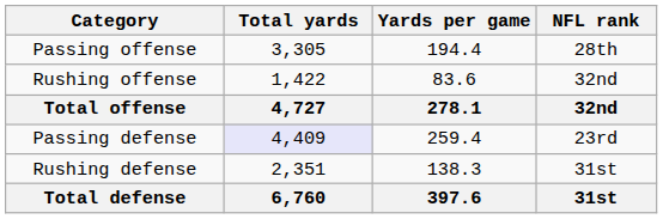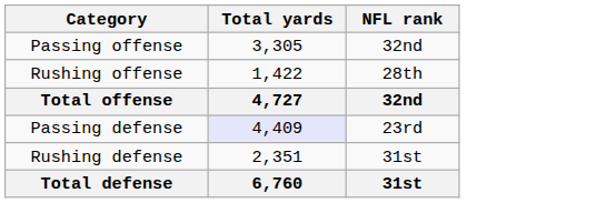 <table class="wikitable" style="text-align:center">
 <tr>
 <th width="150">Category</th>
 <th width="100">Total yards</th>
-<th width="110">Yards per game</th>
 <th width="80">NFL rank<br></th>
 </tr>
 <tr>
 <td>Passing offense</td>
 <td>3,305</td>
-<td>194.4</td>
-<td>28th</td>
+<td>32nd</td>
 </tr>
 <tr>
 <td>Rushing offense</td>
 <td>1,422</td>
-<td>83.6</td>
-<td>32nd</td>
+<td>28th</td>
 </tr>
 <tr>
 <th>Total offense</th>
 <th>4,727</th>
-<th>278.1</th>
 <th>32nd</th>
 </tr>
 <tr>
 <td>Passing defense</td>
 <td style="background: lavender;">4,409</td>
-<td>259.4</td>
 <td>23rd</td>
 </tr>
 <tr>
 <td>Rushing defense</td>
 <td>2,351</td>
-<td>138.3</td>
 <td>31st</td>
 </tr>
 <tr>
 <th>Total defense</th>
 <th>6,760</th>
-<th>397.6</th>
 <th>31st</th>
 </tr>
 </table>
